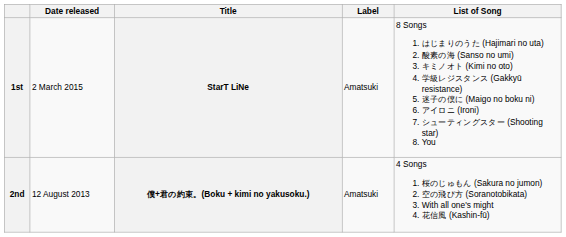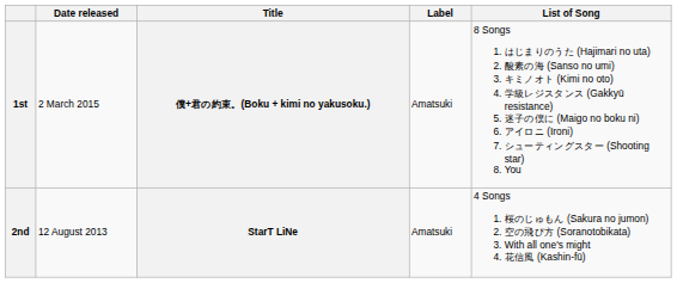 <table class="wikitable" style="font-size: small;">
 <tr>
 <th></th>
 <th>Date released</th>
 <th>Title</th>
 <th>Label</th>
 <th style="width:30%;">List of Song</th>
 </tr>
 <tr>
 <th>1st</th>
 <td>2 March 2015</td>
-<th>StarT LiNe</th>
+<th>僕+君の約束。(Boku + kimi no yakusoku.)</th>
 <td>Amatsuki</td>
 <td>8 Songs<br><ol><li>はじまりのうた (Hajimari no uta)</li><li>酸素の海 (Sanso no umi)</li><li>キミノオト (Kimi no oto)</li><li>学級レジスタンス (Gakkyū resistance)</li><li>迷子の僕に (Maigo no boku ni)</li><li>アイロニ (Ironi)</li><li>シューティングスター (Shooting star)</li><li>You</li></ol></td>
 </tr>
 <tr>
 <th>2nd</th>
 <td>12 August 2013</td>
-<th>僕+君の約束。(Boku + kimi no yakusoku.)</th>
+<th>StarT LiNe</th>
 <td>Amatsuki</td>
 <td>4 Songs<br><ol><li>桜のじゅもん (Sakura no jumon)</li><li>空の飛び方 (Soranotobikata)</li><li>With all one's might</li><li>花信風 (Kashin-fū)</li></ol></td>
 </tr>
 </table>
